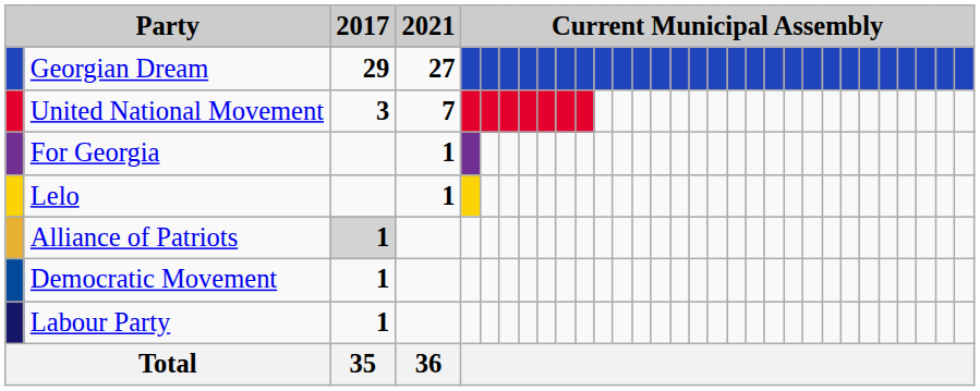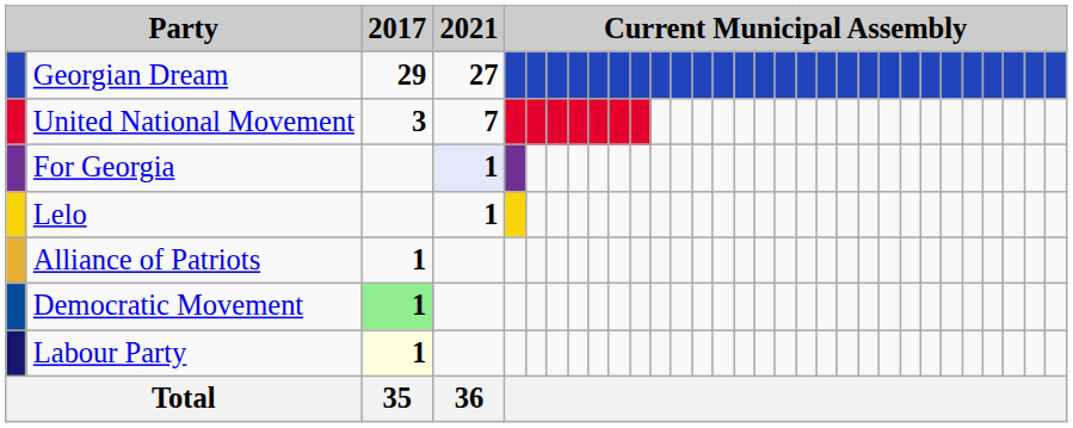 <table class="wikitable">
 <tr>
 <th style="background:#ccc" colspan="2">Party</th>
 <th style="background:#ccc">2017</th>
 <th style="background:#ccc">2021</th>
 <th style="background:#ccc" colspan="45">Current Municipal Assembly</th>
 </tr>
 <tr>
 <td style="background-color: #2044bc"> </td>
 <td><a href='#'>Georgian Dream</a></td>
 <td style="text-align: right"><strong>29</strong></td>
 <td style="text-align: right"><strong>27</strong></td>
 <td style="background-color: #2044bc"> </td>
 <td style="background-color: #2044bc"> </td>
 <td style="background-color: #2044bc"> </td>
 <td style="background-color: #2044bc"> </td>
 <td style="background-color: #2044bc"> </td>
 <td style="background-color: #2044bc"> </td>
 <td style="background-color: #2044bc"> </td>
 <td style="background-color: #2044bc"> </td>
 <td style="background-color: #2044bc"> </td>
 <td style="background-color: #2044bc"> </td>
 <td style="background-color: #2044bc"> </td>
 <td style="background-color: #2044bc"> </td>
 <td style="background-color: #2044bc"> </td>
 <td style="background-color: #2044bc"> </td>
 <td style="background-color: #2044bc"> </td>
 <td style="background-color: #2044bc"> </td>
 <td style="background-color: #2044bc"> </td>
 <td style="background-color: #2044bc"> </td>
 <td style="background-color: #2044bc"> </td>
 <td style="background-color: #2044bc"> </td>
 <td style="background-color: #2044bc"> </td>
 <td style="background-color: #2044bc"> </td>
 <td style="background-color: #2044bc"> </td>
 <td style="background-color: #2044bc"> </td>
 <td style="background-color: #2044bc"> </td>
 <td style="background-color: #2044bc"> </td>
 <td style="background-color: #2044bc"> </td>
 </tr>
 <tr>
 <td style="background-color: #e4012e"> </td>
 <td><a href='#'>United National Movement</a></td>
 <td style="text-align: right"><strong>3</strong></td>
 <td style="text-align: right"><strong>7</strong></td>
 <td style="background-color: #e4012e"></td>
 <td style="background-color: #e4012e"> </td>
 <td style="background-color: #e4012e"> </td>
 <td style="background-color: #e4012e"> </td>
 <td style="background-color: #e4012e"> </td>
 <td style="background-color: #e4012e"> </td>
 <td style="background-color: #e4012e"> </td>
 <td></td>
 <td></td>
 <td></td>
 <td></td>
 <td></td>
 <td></td>
 <td></td>
 <td></td>
 <td></td>
 <td></td>
 <td></td>
 <td></td>
 <td></td>
 <td></td>
 <td></td>
 <td></td>
 <td></td>
 <td></td>
 <td></td>
 <td></td>
 </tr>
 <tr>
 <td style="background-color: #702F92"> </td>
 <td><a href='#'>For Georgia</a></td>
 <td></td>
-<td style="text-align: right"><strong>1</strong></td>
+<td style="background: lavender; text-align: right"><strong>1</strong></td>
 <td style="background-color: #702f92"> </td>
 <td></td>
 <td></td>
 <td></td>
 <td></td>
 <td></td>
 <td></td>
 <td></td>
 <td></td>
 <td></td>
 <td></td>
 <td></td>
 <td></td>
 <td></td>
 <td></td>
 <td></td>
 <td></td>
 <td></td>
 <td></td>
 <td></td>
 <td></td>
 <td></td>
 <td></td>
 <td></td>
 <td></td>
 <td></td>
 <td></td>
 </tr>
 <tr>
 <td style="background-color: #fad406"> </td>
 <td><a href='#'>Lelo</a></td>
 <td></td>
 <td style="text-align: right"><strong>1</strong></td>
 <td style="background-color: #fad406"> </td>
 <td></td>
 <td></td>
 <td></td>
 <td></td>
 <td></td>
 <td></td>
 <td></td>
 <td></td>
 <td></td>
 <td></td>
 <td></td>
 <td></td>
 <td></td>
 <td></td>
 <td></td>
 <td></td>
 <td></td>
 <td></td>
 <td></td>
 <td></td>
 <td></td>
 <td></td>
 <td></td>
 <td></td>
 <td></td>
 <td></td>
 </tr>
 <tr>
 <td style="background-color: #e7b031"> </td>
 <td><a href='#'>Alliance of Patriots</a></td>
-<td style="background: lightgrey; text-align: right"><strong>1</strong></td>
+<td style="text-align: right"><strong>1</strong></td>
 <td></td>
 <td></td>
 <td></td>
 <td></td>
 <td></td>
 <td></td>
 <td></td>
 <td></td>
 <td></td>
 <td></td>
 <td></td>
 <td></td>
 <td></td>
 <td></td>
 <td></td>
 <td></td>
 <td></td>
 <td></td>
 <td></td>
 <td></td>
 <td></td>
 <td></td>
 <td></td>
 <td></td>
 <td></td>
 <td></td>
 <td></td>
 <td></td>
 </tr>
 <tr>
 <td style="background-color: #004a99"> </td>
 <td><a href='#'>Democratic Movement</a></td>
-<td style="text-align: right"><strong>1</strong></td>
+<td style="background: lightgreen; text-align: right"><strong>1</strong></td>
 <td></td>
 <td></td>
 <td></td>
 <td></td>
 <td></td>
 <td></td>
 <td></td>
 <td></td>
 <td></td>
 <td></td>
 <td></td>
 <td></td>
 <td></td>
 <td></td>
 <td></td>
 <td></td>
 <td></td>
 <td></td>
 <td></td>
 <td></td>
 <td></td>
 <td></td>
 <td></td>
 <td></td>
 <td></td>
 <td></td>
 <td></td>
 <td></td>
 </tr>
 <tr>
 <td style="background-color: #16166b"> </td>
 <td><a href='#'>Labour Party</a></td>
-<td style="text-align: right"><strong>1</strong></td>
+<td style="background: lightyellow; text-align: right"><strong>1</strong></td>
 <td></td>
 <td></td>
 <td></td>
 <td></td>
 <td></td>
 <td></td>
 <td></td>
 <td></td>
 <td></td>
 <td></td>
 <td></td>
 <td></td>
 <td></td>
 <td></td>
 <td></td>
 <td></td>
 <td></td>
 <td></td>
 <td></td>
 <td></td>
 <td></td>
 <td></td>
 <td></td>
 <td></td>
 <td></td>
 <td></td>
 <td></td>
 <td></td>
 </tr>
 <tr>
 <th colspan=2>Total</th>
 <th align=right>35</th>
 <th align=right>36</th>
 <th colspan=45> </th>
 </tr>
 </table>
